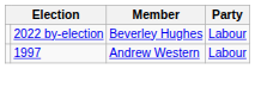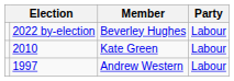 <table class="wikitable">
 <tr>
 <th colspan="2">Election</th>
 <th>Member</th>
 <th>Party</th>
 </tr>
 <tr>
 <td style="color:inherit;background-color: "></td>
 <td><a href='#'>2022 by-election</a></td>
 <td><a href='#'>Beverley Hughes</a></td>
 <td><a href='#'>Labour</a></td>
 </tr>
 <tr>
 <td style="color:inherit;background-color: "></td>
+<td><a href='#'>2010</a></td>
+<td><a href='#'>Kate Green</a></td>
+<td><a href='#'>Labour</a></td>
+</tr>
+<tr>
+<td style="color:inherit;background-color: "></td>
 <td><a href='#'>1997</a></td>
 <td><a href='#'>Andrew Western</a></td>
 <td><a href='#'>Labour</a></td>
 </tr>
 </table>
